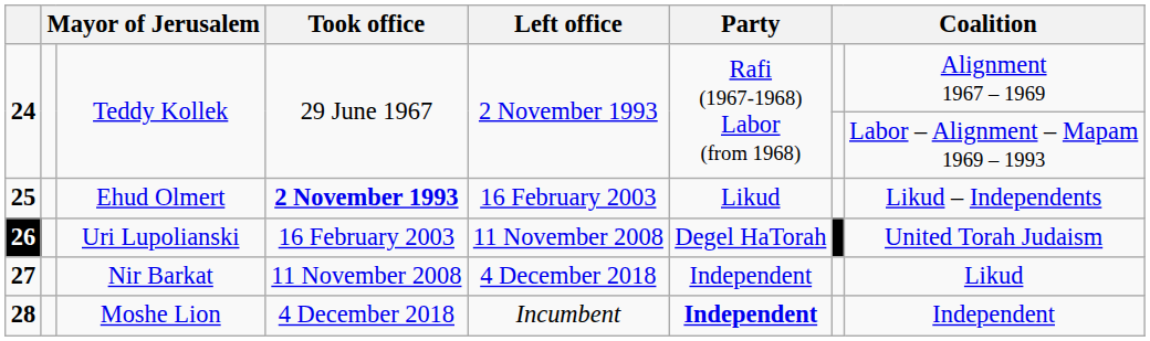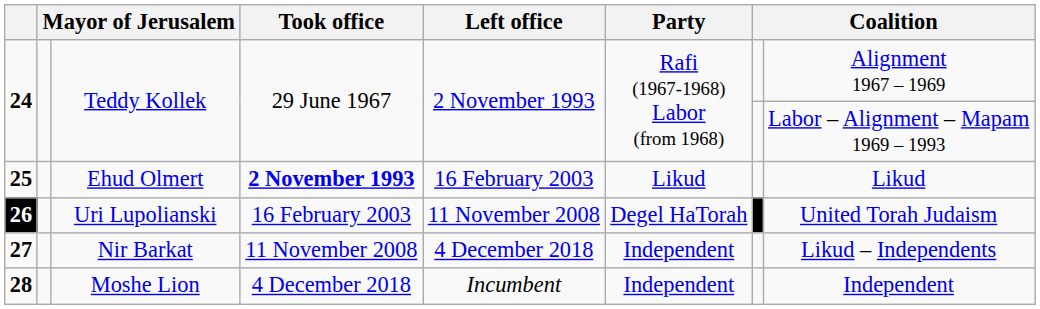 <table class="wikitable" style="text-align: center;">
 <tr>
 <th><br></th>
 <th colspan="2">Mayor of Jerusalem</th>
 <th>Took office</th>
 <th>Left office</th>
 <th>Party</th>
 <th colspan="2">Coalition</th>
 </tr>
 <tr>
 <td rowspan="2" style="background: "><strong>24</strong></td>
 <td rowspan="2"></td>
 <td rowspan="2"><a href='#'>Teddy Kollek</a></td>
 <td rowspan="2">29 June 1967</td>
 <td rowspan="2"><a href='#'>2 November 1993</a></td>
 <td rowspan="2"><a href='#'>Rafi</a><br><small> (1967-1968)</small><br><a href='#'>Labor</a><br><small> (from 1968)</small></td>
 <td style="background: "></td>
 <td><a href='#'>Alignment</a><br><small>1967 – 1969</small></td>
 </tr>
 <tr>
 <td style="background: "></td>
 <td><a href='#'>Labor</a> – <a href='#'>Alignment</a> – <a href='#'>Mapam</a><br><small>1969 – 1993</small></td>
 </tr>
 <tr>
 <td rowspan="1" style="background: "><strong>25</strong></td>
 <td rowspan="1"></td>
 <td rowspan="1"><a href='#'>Ehud Olmert</a></td>
 <td rowspan="1"><strong><a href='#'>2 November 1993</a></strong></td>
 <td rowspan="1"><a href='#'>16 February 2003</a></td>
 <td rowspan="1"><a href='#'>Likud</a></td>
 <td style="background: "></td>
-<td><a href='#'>Likud</a> – <a href='#'>Independents</a></td>
+<td><a href='#'>Likud</a></td>
 </tr>
 <tr>
 <td rowspan="1" style="background: #000000; color:white"><strong>26</strong></td>
 <td rowspan="1"></td>
 <td rowspan="1"><a href='#'>Uri Lupolianski</a></td>
 <td rowspan="1"><a href='#'>16 February 2003</a></td>
 <td rowspan="1"><a href='#'>11 November 2008</a></td>
 <td rowspan="1"><a href='#'>Degel HaTorah</a></td>
 <td style="background: #000000;"></td>
 <td><a href='#'>United Torah Judaism</a></td>
 </tr>
 <tr>
 <td rowspan="1" style="background: "><strong>27</strong></td>
 <td rowspan="1"></td>
 <td rowspan="1"><a href='#'>Nir Barkat</a></td>
 <td rowspan="1"><a href='#'>11 November 2008</a></td>
 <td rowspan="1"><a href='#'>4 December 2018</a></td>
 <td rowspan="1"><a href='#'>Independent</a></td>
 <td style="background: "></td>
-<td><a href='#'>Likud</a></td>
+<td><a href='#'>Likud</a> – <a href='#'>Independents</a></td>
 </tr>
 <tr>
 <td rowspan="1" style="background: "><strong>28</strong></td>
 <td rowspan="1"></td>
 <td rowspan="1"><a href='#'>Moshe Lion</a></td>
 <td rowspan="1"><a href='#'>4 December 2018</a></td>
 <td rowspan="1"><em>Incumbent</em></td>
-<td rowspan="1"><strong><a href='#'>Independent</a></strong></td>
+<td rowspan="1"><a href='#'>Independent</a></td>
 <td style="background: "></td>
 <td><a href='#'>Independent</a></td>
 </tr>
 </table>
